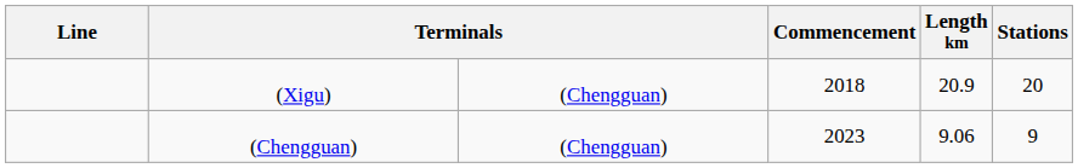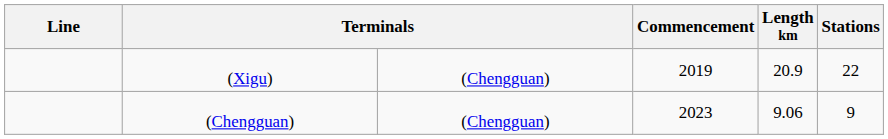 <table class="wikitable sortable" style="cell-padding:1.5; font-size:96%; text-align:center;">
 <tr>
 <th data-sort-type="text"style="width:100px;">Line</th>
 <th class="unsortable" colspan="2" style="width:400px; line-height:1.05">Terminals</th>
 <th>Commencement</th>
 <th style="line-height:1.05">Length<br><small>km</small></th>
 <th style="line-height:1.05">Stations</th>
 </tr>
 <tr>
 <td style="text-align:center; line-height:1.05"></td>
 <td style="text-align:center; width:225px; line-height:1.05"><strong></strong><br>(<a href='#'>Xigu</a>)</td>
 <td style="text-align:center; width:225px; line-height:1.05"><strong></strong><br>(<a href='#'>Chengguan</a>)</td>
-<td style="text-align:center; line-height:1.05">2018</td>
+<td style="text-align:center; line-height:1.05">2019</td>
 <td style="text-align:center; line-height:1.05">20.9</td>
-<td style="text-align:center; line-height:1.05">20</td>
+<td style="text-align:center; line-height:1.05">22</td>
 </tr>
 <tr>
 <td style="text-align:center; line-height:1.05"></td>
 <td style="text-align:center; width:225px; line-height:1.05"><strong></strong><br>(<a href='#'>Chengguan</a>)</td>
 <td style="text-align:center; width:225px; line-height:1.05"><strong></strong><br>(<a href='#'>Chengguan</a>)</td>
 <td style="text-align:center; line-height:1.05">2023</td>
 <td style="text-align:center; line-height:1.05">9.06</td>
 <td style="text-align:center; line-height:1.05">9<br></td>
 </tr>
 </table>
